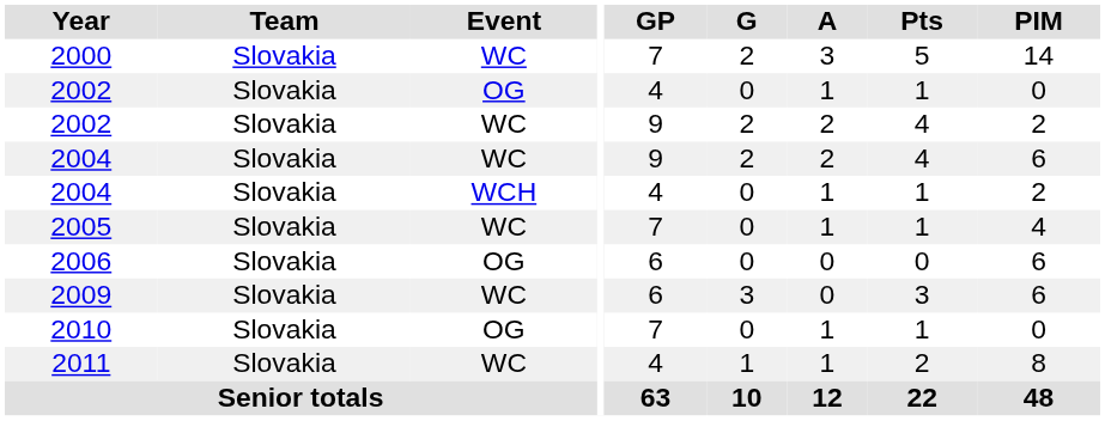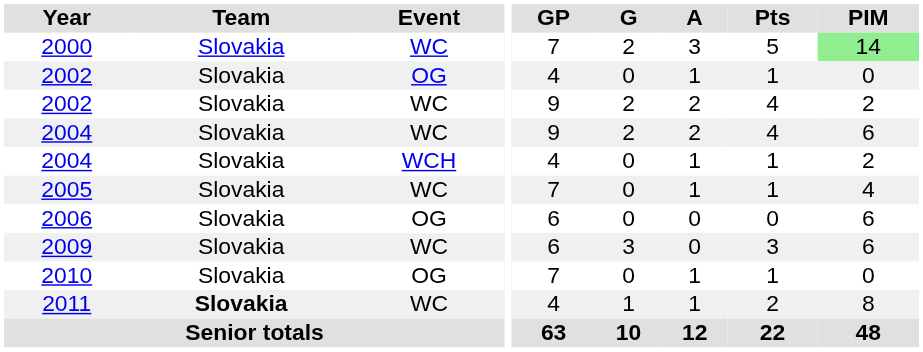 <table border="0" cellpadding="1" cellspacing="0" ID="Table3" style="text-align:center; width:40em">
 <tr ALIGN="center" bgcolor="#e0e0e0">
 <th>Year</th>
 <th>Team</th>
 <th>Event</th>
 <th rowspan="99" bgcolor="#ffffff"></th>
 <th>GP</th>
 <th>G</th>
 <th>A</th>
 <th>Pts</th>
 <th>PIM</th>
 </tr>
 <tr>
 <td><a href='#'>2000</a></td>
 <td><a href='#'>Slovakia</a></td>
 <td><a href='#'>WC</a></td>
 <td>7</td>
 <td>2</td>
 <td>3</td>
 <td>5</td>
-<td>14</td>
+<td style="background: lightgreen;">14</td>
 </tr>
 <tr bgcolor="#f0f0f0">
 <td><a href='#'>2002</a></td>
 <td>Slovakia</td>
 <td><a href='#'>OG</a></td>
 <td>4</td>
 <td>0</td>
 <td>1</td>
 <td>1</td>
 <td>0</td>
 </tr>
 <tr>
 <td><a href='#'>2002</a></td>
 <td>Slovakia</td>
 <td>WC</td>
 <td>9</td>
 <td>2</td>
 <td>2</td>
 <td>4</td>
 <td>2</td>
 </tr>
 <tr bgcolor="#f0f0f0">
 <td><a href='#'>2004</a></td>
 <td>Slovakia</td>
 <td>WC</td>
 <td>9</td>
 <td>2</td>
 <td>2</td>
 <td>4</td>
 <td>6</td>
 </tr>
 <tr>
 <td><a href='#'>2004</a></td>
 <td>Slovakia</td>
 <td><a href='#'>WCH</a></td>
 <td>4</td>
 <td>0</td>
 <td>1</td>
 <td>1</td>
 <td>2</td>
 </tr>
 <tr bgcolor="#f0f0f0">
 <td><a href='#'>2005</a></td>
 <td>Slovakia</td>
 <td>WC</td>
 <td>7</td>
 <td>0</td>
 <td>1</td>
 <td>1</td>
 <td>4</td>
 </tr>
 <tr>
 <td><a href='#'>2006</a></td>
 <td>Slovakia</td>
 <td>OG</td>
 <td>6</td>
 <td>0</td>
 <td>0</td>
 <td>0</td>
 <td>6</td>
 </tr>
 <tr bgcolor="#f0f0f0">
 <td><a href='#'>2009</a></td>
 <td>Slovakia</td>
 <td>WC</td>
 <td>6</td>
 <td>3</td>
 <td>0</td>
 <td>3</td>
 <td>6</td>
 </tr>
 <tr>
 <td><a href='#'>2010</a></td>
 <td>Slovakia</td>
 <td>OG</td>
 <td>7</td>
 <td>0</td>
 <td>1</td>
 <td>1</td>
 <td>0</td>
 </tr>
 <tr bgcolor="#f0f0f0">
 <td><a href='#'>2011</a></td>
-<td>Slovakia</td>
+<td><strong>Slovakia</strong></td>
 <td>WC</td>
 <td>4</td>
 <td>1</td>
 <td>1</td>
 <td>2</td>
 <td>8</td>
 </tr>
 <tr bgcolor="#e0e0e0">
 <th colspan="3">Senior totals</th>
 <th>63</th>
 <th>10</th>
 <th>12</th>
 <th>22</th>
 <th>48</th>
 </tr>
 </table>
